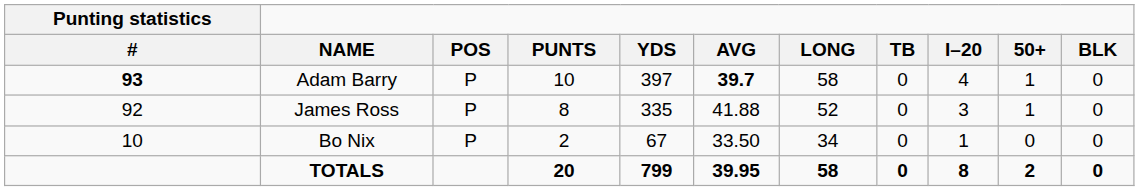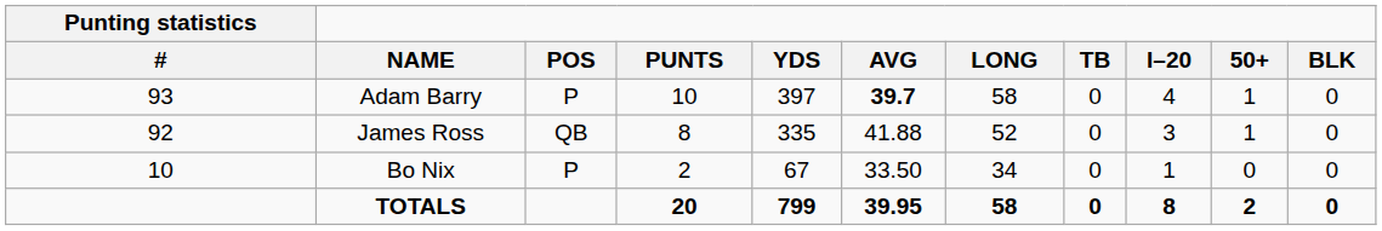 <table style="width:60%; text-align:center;" class="wikitable collapsible collapsed">
 <tr>
 <th style="text-align:center; ">Punting statistics</th>
 </tr>
 <tr>
 <th>#</th>
 <th>NAME</th>
 <th>POS</th>
 <th>PUNTS</th>
 <th>YDS</th>
 <th>AVG</th>
 <th>LONG</th>
 <th>TB</th>
 <th>I–20</th>
 <th>50+</th>
 <th>BLK</th>
 </tr>
 <tr>
-<td><strong>93</strong></td>
+<td>93</td>
 <td>Adam Barry</td>
 <td>P</td>
 <td>10</td>
 <td>397</td>
 <td><strong>39.7</strong></td>
 <td>58</td>
 <td>0</td>
 <td>4</td>
 <td>1</td>
 <td>0</td>
 </tr>
 <tr>
 <td>92</td>
 <td>James Ross</td>
-<td>P</td>
+<td>QB</td>
 <td>8</td>
 <td>335</td>
 <td>41.88</td>
 <td>52</td>
 <td>0</td>
 <td>3</td>
 <td>1</td>
 <td>0</td>
 </tr>
 <tr>
 <td>10</td>
 <td>Bo Nix</td>
 <td>P</td>
 <td>2</td>
 <td>67</td>
 <td>33.50</td>
 <td>34</td>
 <td>0</td>
 <td>1</td>
 <td>0</td>
 <td>0</td>
 </tr>
 <tr>
 <td></td>
 <td><strong>TOTALS</strong></td>
 <td></td>
 <td><strong>20</strong></td>
 <td><strong>799</strong></td>
 <td><strong>39.95</strong></td>
 <td><strong>58</strong></td>
 <td><strong>0</strong></td>
 <td><strong>8</strong></td>
 <td><strong>2</strong></td>
 <td><strong>0</strong></td>
 </tr>
 </table>
